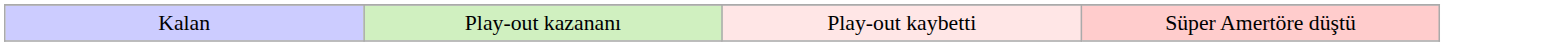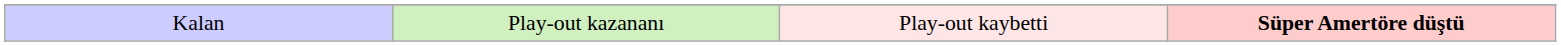 <table class="wikitable" style="font-size:90%; text-align:center;">
 <tr>
 </tr>
 <tr>
 <td style="background:#ccccff;" width=14%>Kalan</td>
 <td style="background:#D0F0C0;" width="14%">Play-out kazananı</td>
 <td style="background:#FFE6E6;" width="14%">Play-out kaybetti</td>
-<td style="background:#fcc;" width="14%">Süper Amertöre düştü</td>
+<td style="background:#fcc;" width="14%"><strong>Süper Amertöre düştü</strong></td>
 </tr>
 </table>
